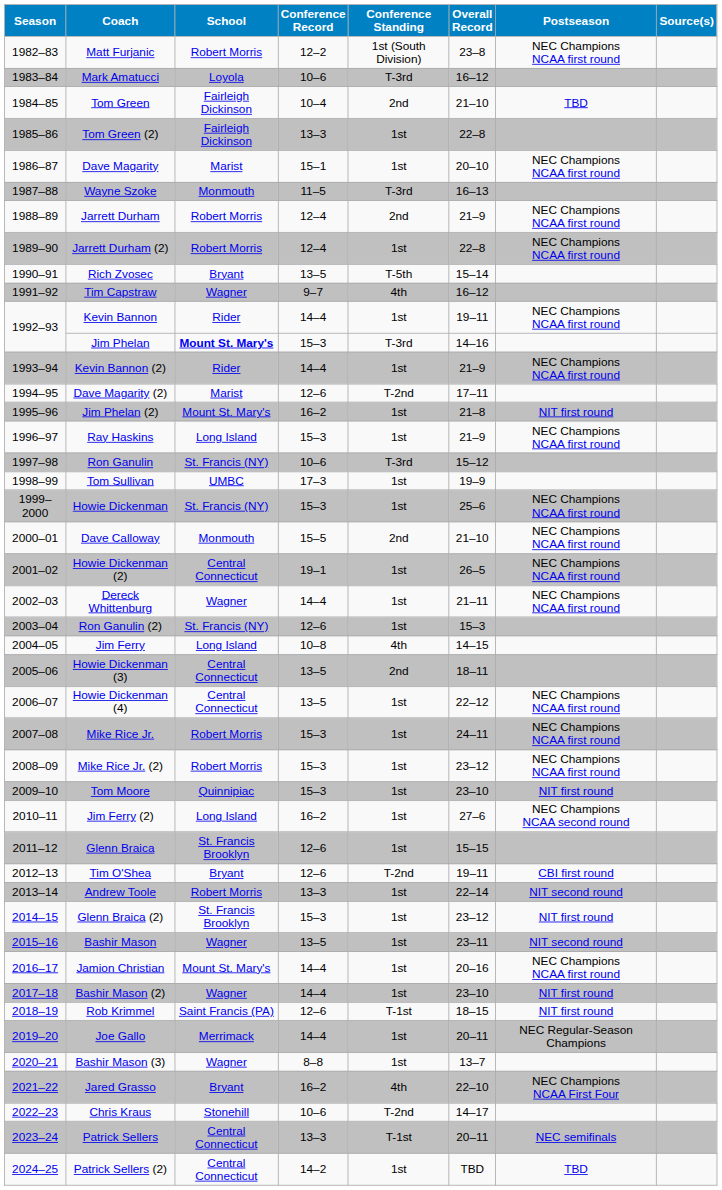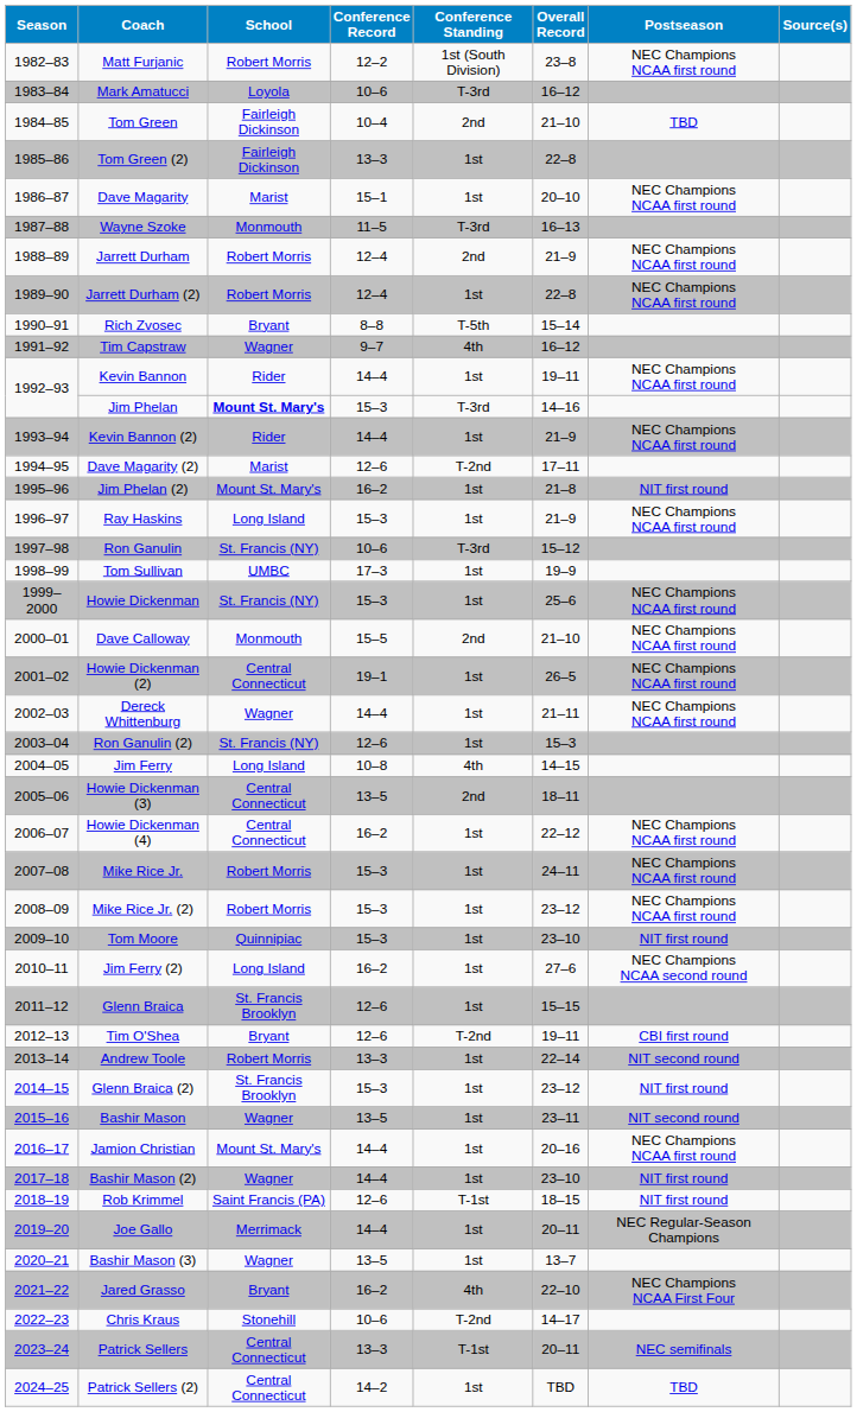 <table class="wikitable" style="font-size:90%; border: 2px solid dark blue;">
 <tr>
 <th align="center" style="background:#0081C4; color:#FFFFFF;">Season</th>
 <th align="center" style="background:#0081C4; color:#FFFFFF;">Coach</th>
 <th align="center" style="background:#0081C4; color:#FFFFFF;">School</th>
 <th align="center" style="background:#0081C4; color:#FFFFFF;">Conference<br>Record</th>
 <th align="center" style="background:#0081C4; color:#FFFFFF;">Conference<br>Standing</th>
 <th align="center" style="background:#0081C4; color:#FFFFFF;">Overall<br>Record</th>
 <th align="center" style="background:#0081C4; color:#FFFFFF;">Postseason</th>
 <th align="center" style="background:#0081C4; color:#FFFFFF;">Source(s)</th>
 </tr>
 <tr align=center>
 <td>1982–83</td>
 <td><a href='#'>Matt Furjanic</a></td>
 <td><a href='#'>Robert Morris</a></td>
 <td>12–2</td>
 <td>1st (South Division)</td>
 <td>23–8</td>
 <td>NEC Champions<br><a href='#'>NCAA first round</a></td>
 <td></td>
 </tr>
 <tr align=center>
 <td style=background:silver>1983–84</td>
 <td style=background:silver><a href='#'>Mark Amatucci</a></td>
 <td style=background:silver><a href='#'>Loyola</a></td>
 <td style=background:silver>10–6</td>
 <td style=background:silver>T-3rd</td>
 <td style=background:silver>16–12</td>
 <td style=background:silver></td>
 <td style=background:silver></td>
 </tr>
 <tr align=center>
 <td>1984–85</td>
 <td><a href='#'>Tom Green</a></td>
 <td><a href='#'>Fairleigh Dickinson</a></td>
 <td>10–4</td>
 <td>2nd</td>
 <td>21–10</td>
 <td><a href='#'>TBD</a></td>
 <td></td>
 </tr>
 <tr align=center>
 <td style=background:silver>1985–86</td>
 <td style=background:silver><a href='#'>Tom Green</a> (2)</td>
 <td style=background:silver><a href='#'>Fairleigh Dickinson</a></td>
 <td style=background:silver>13–3</td>
 <td style=background:silver>1st</td>
 <td style=background:silver>22–8</td>
 <td style=background:silver></td>
 <td style=background:silver></td>
 </tr>
 <tr align=center>
 <td>1986–87</td>
 <td><a href='#'>Dave Magarity</a></td>
 <td><a href='#'>Marist</a></td>
 <td>15–1</td>
 <td>1st</td>
 <td>20–10</td>
 <td>NEC Champions<br><a href='#'>NCAA first round</a></td>
 <td></td>
 </tr>
 <tr align=center>
 <td style=background:silver>1987–88</td>
 <td style=background:silver><a href='#'>Wayne Szoke</a></td>
 <td style=background:silver><a href='#'>Monmouth</a></td>
 <td style=background:silver>11–5</td>
 <td style=background:silver>T-3rd</td>
 <td style=background:silver>16–13</td>
 <td style=background:silver></td>
 <td style=background:silver></td>
 </tr>
 <tr align=center>
 <td>1988–89</td>
 <td><a href='#'>Jarrett Durham</a></td>
 <td><a href='#'>Robert Morris</a></td>
 <td>12–4</td>
 <td>2nd</td>
 <td>21–9</td>
 <td>NEC Champions<br><a href='#'>NCAA first round</a></td>
 <td></td>
 </tr>
 <tr align=center>
 <td style=background:silver>1989–90</td>
 <td style=background:silver><a href='#'>Jarrett Durham</a> (2)</td>
 <td style=background:silver><a href='#'>Robert Morris</a></td>
 <td style=background:silver>12–4</td>
 <td style=background:silver>1st</td>
 <td style=background:silver>22–8</td>
 <td style=background:silver>NEC Champions<br><a href='#'>NCAA first round</a></td>
 <td style=background:silver></td>
 </tr>
 <tr align=center>
 <td>1990–91</td>
 <td><a href='#'>Rich Zvosec</a></td>
 <td><a href='#'>Bryant</a></td>
-<td>13–5</td>
+<td>8–8</td>
 <td>T-5th</td>
 <td>15–14</td>
 <td></td>
 <td></td>
 </tr>
 <tr align=center>
 <td style=background:silver>1991–92</td>
 <td style=background:silver><a href='#'>Tim Capstraw</a></td>
 <td style=background:silver><a href='#'>Wagner</a></td>
 <td style=background:silver>9–7</td>
 <td style=background:silver>4th</td>
 <td style=background:silver>16–12</td>
 <td style=background:silver></td>
 <td style=background:silver></td>
 </tr>
 <tr align=center>
 <td rowspan="2">1992–93</td>
 <td><a href='#'>Kevin Bannon</a></td>
 <td><a href='#'>Rider</a></td>
 <td>14–4</td>
 <td>1st</td>
 <td>19–11</td>
 <td>NEC Champions<br><a href='#'>NCAA first round</a></td>
 <td></td>
 </tr>
 <tr align=center>
 <td><a href='#'>Jim Phelan</a></td>
 <td><strong><a href='#'>Mount St. Mary's</a></strong></td>
 <td>15–3</td>
 <td>T-3rd</td>
 <td>14–16</td>
 <td></td>
 <td></td>
 </tr>
 <tr align=center>
 <td style=background:silver>1993–94</td>
 <td style=background:silver><a href='#'>Kevin Bannon</a> (2)</td>
 <td style=background:silver><a href='#'>Rider</a></td>
 <td style=background:silver>14–4</td>
 <td style=background:silver>1st</td>
 <td style=background:silver>21–9</td>
 <td style=background:silver>NEC Champions<br><a href='#'>NCAA first round</a></td>
 <td style=background:silver></td>
 </tr>
 <tr align=center>
 <td>1994–95</td>
 <td><a href='#'>Dave Magarity</a> (2)</td>
 <td><a href='#'>Marist</a></td>
 <td>12–6</td>
 <td>T-2nd</td>
 <td>17–11</td>
 <td></td>
 <td></td>
 </tr>
 <tr align=center>
 <td style=background:silver>1995–96</td>
 <td style=background:silver><a href='#'>Jim Phelan</a> (2)</td>
 <td style=background:silver><a href='#'>Mount St. Mary's</a></td>
 <td style=background:silver>16–2</td>
 <td style=background:silver>1st</td>
 <td style=background:silver>21–8</td>
 <td style=background:silver><a href='#'>NIT first round</a></td>
 <td style=background:silver></td>
 </tr>
 <tr align=center>
 <td>1996–97</td>
 <td><a href='#'>Ray Haskins</a></td>
 <td><a href='#'>Long Island</a></td>
 <td>15–3</td>
 <td>1st</td>
 <td>21–9</td>
 <td>NEC Champions<br><a href='#'>NCAA first round</a></td>
 <td></td>
 </tr>
 <tr align=center>
 <td style=background:silver>1997–98</td>
 <td style=background:silver><a href='#'>Ron Ganulin</a></td>
 <td style=background:silver><a href='#'>St. Francis (NY)</a></td>
 <td style=background:silver>10–6</td>
 <td style=background:silver>T-3rd</td>
 <td style=background:silver>15–12</td>
 <td style=background:silver></td>
 <td style=background:silver></td>
 </tr>
 <tr align=center>
 <td>1998–99</td>
 <td><a href='#'>Tom Sullivan</a></td>
 <td><a href='#'>UMBC</a></td>
 <td>17–3</td>
 <td>1st</td>
 <td>19–9</td>
 <td></td>
 <td></td>
 </tr>
 <tr align=center>
 <td style=background:silver>1999–2000</td>
 <td style=background:silver><a href='#'>Howie Dickenman</a></td>
 <td style=background:silver><a href='#'>St. Francis (NY)</a></td>
 <td style=background:silver>15–3</td>
 <td style=background:silver>1st</td>
 <td style=background:silver>25–6</td>
 <td style=background:silver>NEC Champions<br><a href='#'>NCAA first round</a></td>
 <td style=background:silver></td>
 </tr>
 <tr align=center>
 <td>2000–01</td>
 <td><a href='#'>Dave Calloway</a></td>
 <td><a href='#'>Monmouth</a></td>
 <td>15–5</td>
 <td>2nd</td>
 <td>21–10</td>
 <td>NEC Champions<br><a href='#'>NCAA first round</a></td>
 <td></td>
 </tr>
 <tr align=center>
 <td style=background:silver>2001–02</td>
 <td style=background:silver><a href='#'>Howie Dickenman</a> (2)</td>
 <td style=background:silver><a href='#'>Central Connecticut</a></td>
 <td style=background:silver>19–1</td>
 <td style=background:silver>1st</td>
 <td style=background:silver>26–5</td>
 <td style=background:silver>NEC Champions<br><a href='#'>NCAA first round</a></td>
 <td style=background:silver></td>
 </tr>
 <tr align=center>
 <td>2002–03</td>
 <td><a href='#'>Dereck Whittenburg</a></td>
 <td><a href='#'>Wagner</a></td>
 <td>14–4</td>
 <td>1st</td>
 <td>21–11</td>
 <td>NEC Champions<br><a href='#'>NCAA first round</a></td>
 <td></td>
 </tr>
 <tr align=center>
 <td style=background:silver>2003–04</td>
 <td style=background:silver><a href='#'>Ron Ganulin</a> (2)</td>
 <td style=background:silver><a href='#'>St. Francis (NY)</a></td>
 <td style=background:silver>12–6</td>
 <td style=background:silver>1st</td>
 <td style=background:silver>15–3</td>
 <td style=background:silver></td>
 <td style=background:silver></td>
 </tr>
 <tr align=center>
 <td>2004–05</td>
 <td><a href='#'>Jim Ferry</a></td>
 <td><a href='#'>Long Island</a></td>
 <td>10–8</td>
 <td>4th</td>
 <td>14–15</td>
 <td></td>
 <td></td>
 </tr>
 <tr align=center>
 <td style=background:silver>2005–06</td>
 <td style=background:silver><a href='#'>Howie Dickenman</a> (3)</td>
 <td style=background:silver><a href='#'>Central Connecticut</a></td>
 <td style=background:silver>13–5</td>
 <td style=background:silver>2nd</td>
 <td style=background:silver>18–11</td>
 <td style=background:silver></td>
 <td style=background:silver></td>
 </tr>
 <tr align=center>
 <td>2006–07</td>
 <td><a href='#'>Howie Dickenman</a> (4)</td>
 <td><a href='#'>Central Connecticut</a></td>
-<td>13–5</td>
+<td>16–2</td>
 <td>1st</td>
 <td>22–12</td>
 <td>NEC Champions<br><a href='#'>NCAA first round</a></td>
 <td></td>
 </tr>
 <tr align=center>
 <td style=background:silver>2007–08</td>
 <td style=background:silver><a href='#'>Mike Rice Jr.</a></td>
 <td style=background:silver><a href='#'>Robert Morris</a></td>
 <td style=background:silver>15–3</td>
 <td style=background:silver>1st</td>
 <td style=background:silver>24–11</td>
 <td style=background:silver>NEC Champions<br><a href='#'>NCAA first round</a></td>
 <td style=background:silver></td>
 </tr>
 <tr align=center>
 <td>2008–09</td>
 <td><a href='#'>Mike Rice Jr.</a> (2)</td>
 <td><a href='#'>Robert Morris</a></td>
 <td>15–3</td>
 <td>1st</td>
 <td>23–12</td>
 <td>NEC Champions<br><a href='#'>NCAA first round</a></td>
 <td></td>
 </tr>
 <tr align=center>
 <td style=background:silver>2009–10</td>
 <td style=background:silver><a href='#'>Tom Moore</a></td>
 <td style=background:silver><a href='#'>Quinnipiac</a></td>
 <td style=background:silver>15–3</td>
 <td style=background:silver>1st</td>
 <td style=background:silver>23–10</td>
 <td style=background:silver><a href='#'>NIT first round</a></td>
 <td style=background:silver></td>
 </tr>
 <tr align=center>
 <td>2010–11</td>
 <td><a href='#'>Jim Ferry</a> (2)</td>
 <td><a href='#'>Long Island</a></td>
 <td>16–2</td>
 <td>1st</td>
 <td>27–6</td>
 <td>NEC Champions<br><a href='#'>NCAA second round</a></td>
 <td></td>
 </tr>
 <tr align=center>
 <td style=background:silver>2011–12</td>
 <td style=background:silver><a href='#'>Glenn Braica</a></td>
 <td style=background:silver><a href='#'>St. Francis Brooklyn</a></td>
 <td style=background:silver>12–6</td>
 <td style=background:silver>1st</td>
 <td style=background:silver>15–15</td>
 <td style=background:silver></td>
 <td style=background:silver></td>
 </tr>
 <tr align=center>
 <td>2012–13</td>
 <td><a href='#'>Tim O'Shea</a></td>
 <td><a href='#'>Bryant</a></td>
 <td>12–6</td>
 <td>T-2nd</td>
 <td>19–11</td>
 <td><a href='#'>CBI first round</a></td>
 <td></td>
 </tr>
 <tr align=center>
 <td style=background:silver>2013–14</td>
 <td style=background:silver><a href='#'>Andrew Toole</a></td>
 <td style=background:silver><a href='#'>Robert Morris</a></td>
 <td style=background:silver>13–3</td>
 <td style=background:silver>1st</td>
 <td style=background:silver>22–14</td>
 <td style=background:silver><a href='#'>NIT second round</a></td>
 <td style=background:silver></td>
 </tr>
 <tr align=center>
 <td><a href='#'>2014–15</a></td>
 <td><a href='#'>Glenn Braica</a> (2)</td>
 <td><a href='#'>St. Francis Brooklyn</a></td>
 <td>15–3</td>
 <td>1st</td>
 <td>23–12</td>
 <td><a href='#'>NIT first round</a></td>
 <td></td>
 </tr>
 <tr align=center>
 <td style=background:silver><a href='#'>2015–16</a></td>
 <td style=background:silver><a href='#'>Bashir Mason</a></td>
 <td style=background:silver><a href='#'>Wagner</a></td>
 <td style=background:silver>13–5</td>
 <td style=background:silver>1st</td>
 <td style=background:silver>23–11</td>
 <td style=background:silver><a href='#'>NIT second round</a></td>
 <td style=background:silver></td>
 </tr>
 <tr align=center>
 <td><a href='#'>2016–17</a></td>
 <td><a href='#'>Jamion Christian</a></td>
 <td><a href='#'>Mount St. Mary's</a></td>
 <td>14–4</td>
 <td>1st</td>
 <td>20–16</td>
 <td>NEC Champions<br><a href='#'>NCAA first round</a></td>
 <td></td>
 </tr>
 <tr align=center>
 <td style=background:silver><a href='#'>2017–18</a></td>
 <td style=background:silver><a href='#'>Bashir Mason</a> (2)</td>
 <td style=background:silver><a href='#'>Wagner</a></td>
 <td style=background:silver>14–4</td>
 <td style=background:silver>1st</td>
 <td style=background:silver>23–10</td>
 <td style=background:silver><a href='#'>NIT first round</a></td>
 <td style=background:silver></td>
 </tr>
 <tr align=center>
 <td><a href='#'>2018–19</a></td>
 <td><a href='#'>Rob Krimmel</a></td>
 <td><a href='#'>Saint Francis (PA)</a></td>
 <td>12–6</td>
 <td>T-1st</td>
 <td>18–15</td>
 <td><a href='#'>NIT first round</a></td>
 <td></td>
 </tr>
 <tr align=center>
 <td style=background:silver><a href='#'>2019–20</a></td>
 <td style=background:silver><a href='#'>Joe Gallo</a></td>
 <td style=background:silver><a href='#'>Merrimack</a></td>
 <td style=background:silver>14–4</td>
 <td style=background:silver>1st</td>
 <td style=background:silver>20–11</td>
 <td style=background:silver>NEC Regular-Season Champions</td>
 <td style=background:silver></td>
 </tr>
 <tr align=center>
 <td><a href='#'>2020–21</a></td>
 <td><a href='#'>Bashir Mason</a> (3)</td>
 <td><a href='#'>Wagner</a></td>
-<td>8–8</td>
+<td>13–5</td>
 <td>1st</td>
 <td>13–7</td>
 <td></td>
 <td></td>
 </tr>
 <tr align=center>
 <td style=background:silver><a href='#'>2021–22</a></td>
 <td style=background:silver><a href='#'>Jared Grasso</a></td>
 <td style=background:silver><a href='#'>Bryant</a></td>
 <td style=background:silver>16–2</td>
 <td style=background:silver>4th</td>
 <td style=background:silver>22–10</td>
 <td style=background:silver>NEC Champions<br> <a href='#'>NCAA First Four</a></td>
 <td style=background:silver></td>
 </tr>
 <tr align=center>
 <td><a href='#'>2022–23</a></td>
 <td><a href='#'>Chris Kraus</a></td>
 <td><a href='#'>Stonehill</a></td>
 <td>10–6</td>
 <td>T-2nd</td>
 <td>14–17</td>
 <td></td>
 <td></td>
 </tr>
 <tr align=center>
 <td style=background:silver><a href='#'>2023–24</a></td>
 <td style=background:silver><a href='#'>Patrick Sellers</a></td>
 <td style=background:silver><a href='#'>Central Connecticut</a></td>
 <td style=background:silver>13–3</td>
 <td style=background:silver>T-1st</td>
 <td style=background:silver>20–11</td>
 <td style=background:silver><a href='#'>NEC semifinals</a></td>
 <td style=background:silver></td>
 </tr>
 <tr align=center>
 <td><a href='#'>2024–25</a></td>
 <td><a href='#'>Patrick Sellers</a> (2)</td>
 <td><a href='#'>Central Connecticut</a></td>
 <td>14–2</td>
 <td>1st</td>
 <td>TBD</td>
 <td><a href='#'>TBD</a></td>
 <td></td>
 </tr>
 </table>
